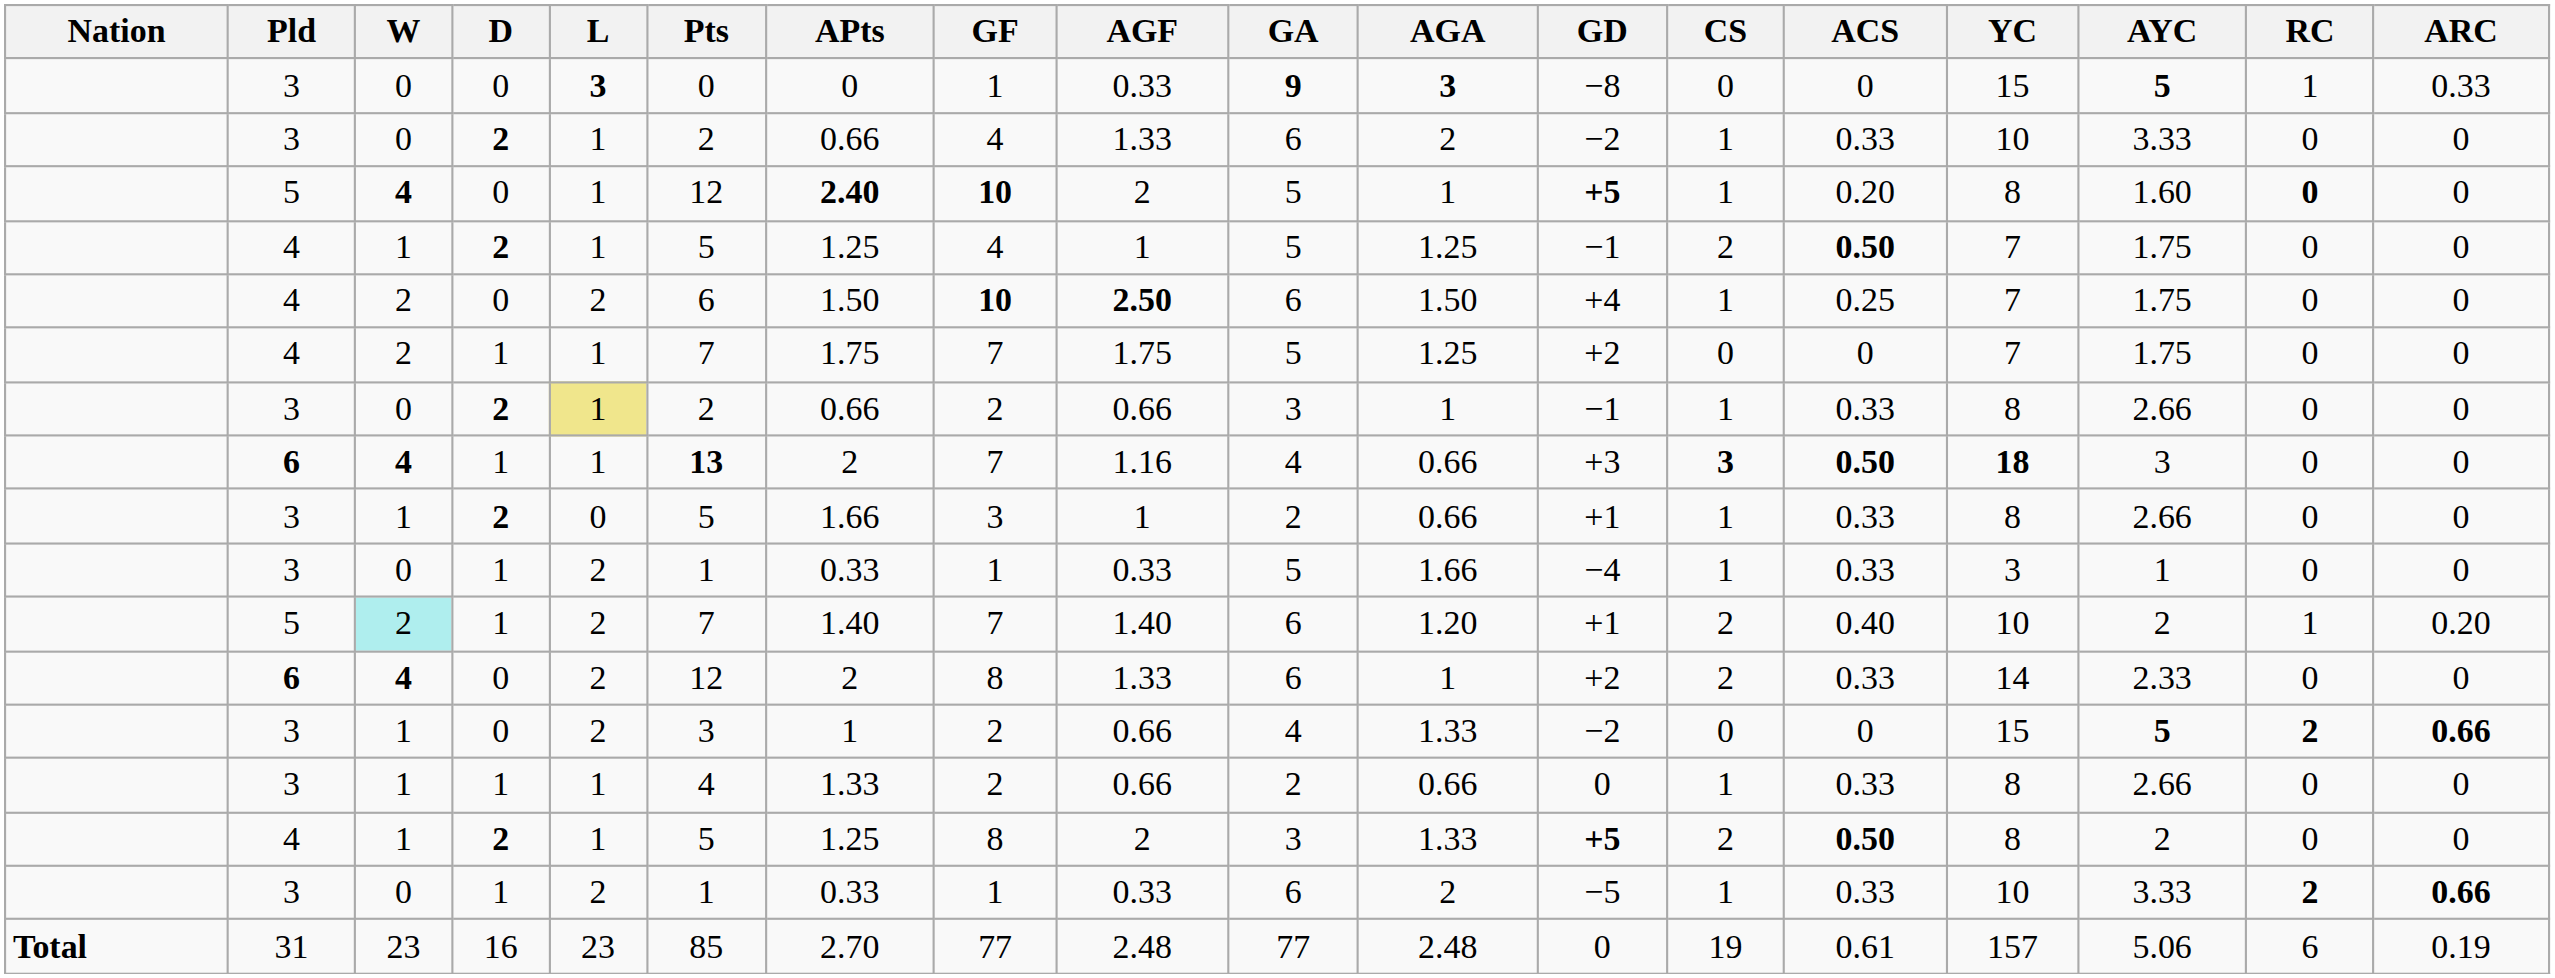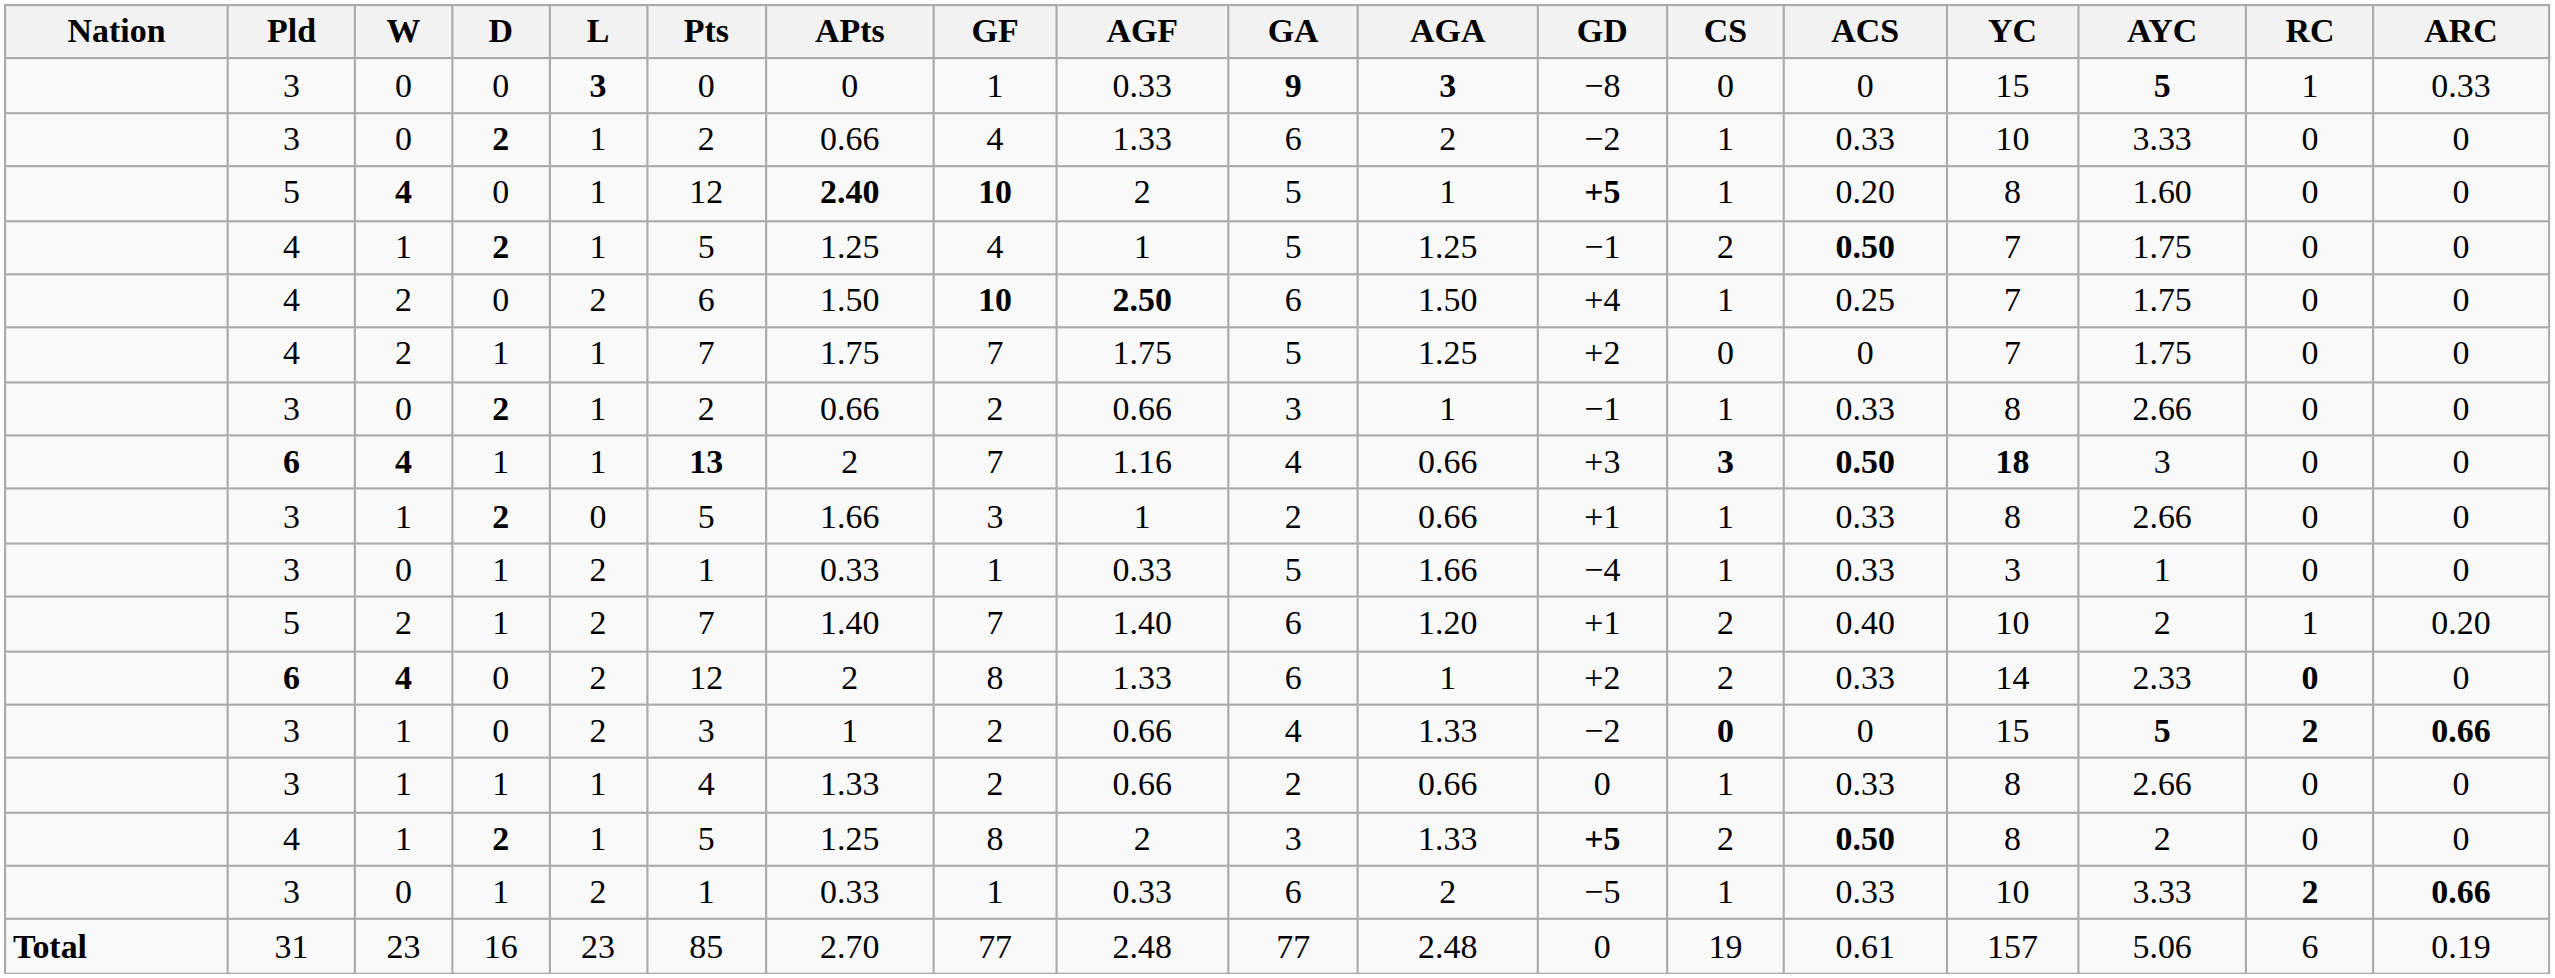 <table class="wikitable sortable" style="text-align:center; width:95%">
 <tr>
 <th>Nation</th>
 <th>Pld</th>
 <th>W</th>
 <th>D</th>
 <th>L</th>
 <th>Pts</th>
 <th>APts</th>
 <th>GF</th>
 <th>AGF</th>
 <th>GA</th>
 <th>AGA</th>
 <th>GD</th>
 <th>CS</th>
 <th>ACS</th>
 <th>YC</th>
 <th>AYC</th>
 <th>RC</th>
 <th>ARC</th>
 </tr>
 <tr>
 <td align="left"></td>
 <td>3</td>
 <td>0</td>
 <td>0</td>
 <td><strong>3</strong></td>
 <td>0</td>
 <td>0</td>
 <td>1</td>
 <td>0.33</td>
 <td><strong>9</strong></td>
 <td><strong>3</strong></td>
 <td>−8</td>
 <td>0</td>
 <td>0</td>
 <td>15</td>
 <td><strong>5</strong></td>
 <td>1</td>
 <td>0.33</td>
 </tr>
 <tr>
 <td align="left"></td>
 <td>3</td>
 <td>0</td>
 <td><strong>2</strong></td>
 <td>1</td>
 <td>2</td>
 <td>0.66</td>
 <td>4</td>
 <td>1.33</td>
 <td>6</td>
 <td>2</td>
 <td>−2</td>
 <td>1</td>
 <td>0.33</td>
 <td>10</td>
 <td>3.33</td>
 <td>0</td>
 <td>0</td>
 </tr>
 <tr>
 <td align="left"></td>
 <td>5</td>
 <td><strong>4</strong></td>
 <td>0</td>
 <td>1</td>
 <td>12</td>
 <td><strong>2.40</strong></td>
 <td><strong>10</strong></td>
 <td>2</td>
 <td>5</td>
 <td>1</td>
 <td><strong>+5</strong></td>
 <td>1</td>
 <td>0.20</td>
 <td>8</td>
 <td>1.60</td>
-<td><strong>0</strong></td>
+<td>0</td>
 <td>0</td>
 </tr>
 <tr>
 <td align="left"></td>
 <td>4</td>
 <td>1</td>
 <td><strong>2</strong></td>
 <td>1</td>
 <td>5</td>
 <td>1.25</td>
 <td>4</td>
 <td>1</td>
 <td>5</td>
 <td>1.25</td>
 <td>−1</td>
 <td>2</td>
 <td><strong>0.50</strong></td>
 <td>7</td>
 <td>1.75</td>
 <td>0</td>
 <td>0</td>
 </tr>
 <tr>
 <td align="left"></td>
 <td>4</td>
 <td>2</td>
 <td>0</td>
 <td>2</td>
 <td>6</td>
 <td>1.50</td>
 <td><strong>10</strong></td>
 <td><strong>2.50</strong></td>
 <td>6</td>
 <td>1.50</td>
 <td>+4</td>
 <td>1</td>
 <td>0.25</td>
 <td>7</td>
 <td>1.75</td>
 <td>0</td>
 <td>0</td>
 </tr>
 <tr>
 <td align="left"></td>
 <td>4</td>
 <td>2</td>
 <td>1</td>
 <td>1</td>
 <td>7</td>
 <td>1.75</td>
 <td>7</td>
 <td>1.75</td>
 <td>5</td>
 <td>1.25</td>
 <td>+2</td>
 <td>0</td>
 <td>0</td>
 <td>7</td>
 <td>1.75</td>
 <td>0</td>
 <td>0</td>
 </tr>
 <tr>
 <td align="left"></td>
 <td>3</td>
 <td>0</td>
 <td><strong>2</strong></td>
-<td style="background: khaki;">1</td>
+<td>1</td>
 <td>2</td>
 <td>0.66</td>
 <td>2</td>
 <td>0.66</td>
 <td>3</td>
 <td>1</td>
 <td>−1</td>
 <td>1</td>
 <td>0.33</td>
 <td>8</td>
 <td>2.66</td>
 <td>0</td>
 <td>0</td>
 </tr>
 <tr>
 <td align="left"></td>
 <td><strong>6</strong></td>
 <td><strong>4</strong></td>
 <td>1</td>
 <td>1</td>
 <td><strong>13</strong></td>
 <td>2</td>
 <td>7</td>
 <td>1.16</td>
 <td>4</td>
 <td>0.66</td>
 <td>+3</td>
 <td><strong>3</strong></td>
 <td><strong>0.50</strong></td>
 <td><strong>18</strong></td>
 <td>3</td>
 <td>0</td>
 <td>0</td>
 </tr>
 <tr>
 <td align="left"></td>
 <td>3</td>
 <td>1</td>
 <td><strong>2</strong></td>
 <td>0</td>
 <td>5</td>
 <td>1.66</td>
 <td>3</td>
 <td>1</td>
 <td>2</td>
 <td>0.66</td>
 <td>+1</td>
 <td>1</td>
 <td>0.33</td>
 <td>8</td>
 <td>2.66</td>
 <td>0</td>
 <td>0</td>
 </tr>
 <tr>
 <td align="left"></td>
 <td>3</td>
 <td>0</td>
 <td>1</td>
 <td>2</td>
 <td>1</td>
 <td>0.33</td>
 <td>1</td>
 <td>0.33</td>
 <td>5</td>
 <td>1.66</td>
 <td>−4</td>
 <td>1</td>
 <td>0.33</td>
 <td>3</td>
 <td>1</td>
 <td>0</td>
 <td>0</td>
 </tr>
 <tr>
 <td align="left"></td>
 <td>5</td>
-<td style="background: paleturquoise;">2</td>
+<td>2</td>
 <td>1</td>
 <td>2</td>
 <td>7</td>
 <td>1.40</td>
 <td>7</td>
 <td>1.40</td>
 <td>6</td>
 <td>1.20</td>
 <td>+1</td>
 <td>2</td>
 <td>0.40</td>
 <td>10</td>
 <td>2</td>
 <td>1</td>
 <td>0.20</td>
 </tr>
 <tr>
 <td align="left"><em></em></td>
 <td><strong>6</strong></td>
 <td><strong>4</strong></td>
 <td>0</td>
 <td>2</td>
 <td>12</td>
 <td>2</td>
 <td>8</td>
 <td>1.33</td>
 <td>6</td>
 <td>1</td>
 <td>+2</td>
 <td>2</td>
 <td>0.33</td>
 <td>14</td>
 <td>2.33</td>
-<td>0</td>
+<td><strong>0</strong></td>
 <td>0</td>
 </tr>
 <tr>
 <td align="left"></td>
 <td>3</td>
 <td>1</td>
 <td>0</td>
 <td>2</td>
 <td>3</td>
 <td>1</td>
 <td>2</td>
 <td>0.66</td>
 <td>4</td>
 <td>1.33</td>
 <td>−2</td>
-<td>0</td>
+<td><strong>0</strong></td>
 <td>0</td>
 <td>15</td>
 <td><strong>5</strong></td>
 <td><strong>2</strong></td>
 <td><strong>0.66</strong></td>
 </tr>
 <tr>
 <td align="left"></td>
 <td>3</td>
 <td>1</td>
 <td>1</td>
 <td>1</td>
 <td>4</td>
 <td>1.33</td>
 <td>2</td>
 <td>0.66</td>
 <td>2</td>
 <td>0.66</td>
 <td>0</td>
 <td>1</td>
 <td>0.33</td>
 <td>8</td>
 <td>2.66</td>
 <td>0</td>
 <td>0</td>
 </tr>
 <tr>
 <td align="left"></td>
 <td>4</td>
 <td>1</td>
 <td><strong>2</strong></td>
 <td>1</td>
 <td>5</td>
 <td>1.25</td>
 <td>8</td>
 <td>2</td>
 <td>3</td>
 <td>1.33</td>
 <td><strong>+5</strong></td>
 <td>2</td>
 <td><strong>0.50</strong></td>
 <td>8</td>
 <td>2</td>
 <td>0</td>
 <td>0</td>
 </tr>
 <tr>
 <td align="left"></td>
 <td>3</td>
 <td>0</td>
 <td>1</td>
 <td>2</td>
 <td>1</td>
 <td>0.33</td>
 <td>1</td>
 <td>0.33</td>
 <td>6</td>
 <td>2</td>
 <td>−5</td>
 <td>1</td>
 <td>0.33</td>
 <td>10</td>
 <td>3.33</td>
 <td><strong>2</strong></td>
 <td><strong>0.66</strong></td>
 </tr>
 <tr>
 <td align="left"><strong>Total</strong></td>
 <td>31</td>
 <td>23</td>
 <td>16</td>
 <td>23</td>
 <td>85</td>
 <td>2.70</td>
 <td>77</td>
 <td>2.48</td>
 <td>77</td>
 <td>2.48</td>
 <td>0</td>
 <td>19</td>
 <td>0.61</td>
 <td>157</td>
 <td>5.06</td>
 <td>6</td>
 <td>0.19</td>
 </tr>
 <tr>
 </tr>
 </table>
